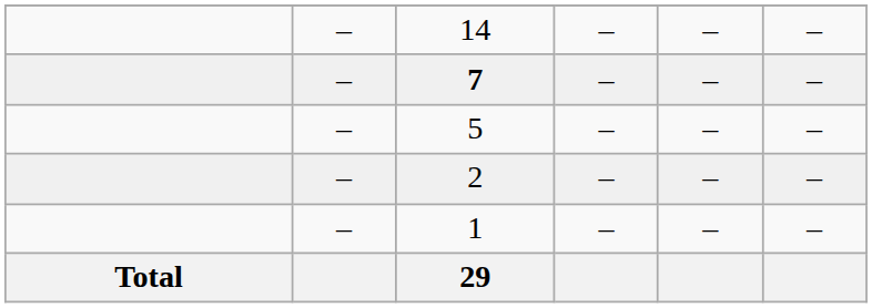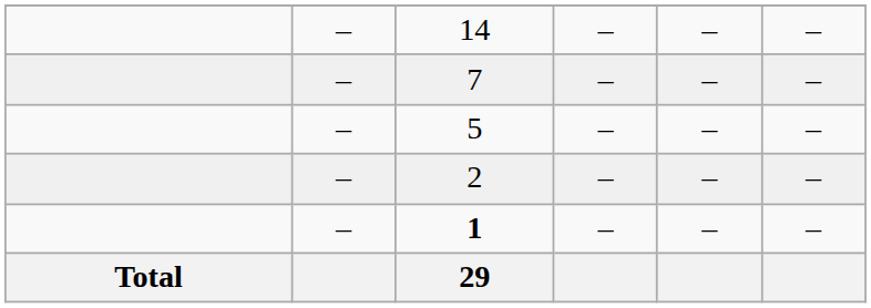 <table class="wikitable sortable" width ="50%">
 <tr align="center">
 </tr>
 <tr align="center" bgcolor="">
 <td></td>
 <td>–</td>
 <td>14</td>
 <td>–</td>
 <td>–</td>
 <td>–</td>
 </tr>
 <tr align="center" bgcolor="f0f0f0">
 <td></td>
 <td>–</td>
-<td><strong>7</strong></td>
+<td>7</td>
 <td>–</td>
 <td>–</td>
 <td>–</td>
 </tr>
 <tr align="center" bgcolor="">
 <td></td>
 <td>–</td>
 <td>5</td>
 <td>–</td>
 <td>–</td>
 <td>–</td>
 </tr>
 <tr align="center" bgcolor="f0f0f0">
 <td></td>
 <td>–</td>
 <td>2</td>
 <td>–</td>
 <td>–</td>
 <td>–</td>
 </tr>
 <tr align="center" bgcolor="">
 <td></td>
 <td>–</td>
-<td>1</td>
+<td><strong>1</strong></td>
 <td>–</td>
 <td>–</td>
 <td>–</td>
 </tr>
 <tr>
 <th>Total</th>
 <th></th>
 <th>29</th>
 <th></th>
 <th></th>
 <th></th>
 </tr>
 </table>
